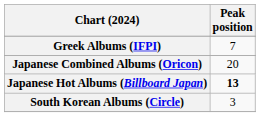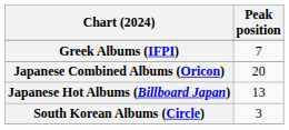 <table class="wikitable plainrowheaders sortable" style="text-align:center">
 <tr>
 <th scope="col">Chart (2024)</th>
 <th scope="col">Peak<br>position</th>
 </tr>
 <tr>
 </tr>
 <tr>
 <th scope="row">Greek Albums (<a href='#'>IFPI</a>)</th>
 <td>7</td>
 </tr>
 <tr>
 </tr>
 <tr>
 <th scope="row">Japanese Combined Albums (<a href='#'>Oricon</a>)</th>
 <td>20</td>
 </tr>
 <tr>
 <th scope="row">Japanese Hot Albums (<em><a href='#'>Billboard Japan</a></em>)</th>
-<td><strong>13</strong></td>
+<td>13</td>
 </tr>
 <tr>
 <th scope="row">South Korean Albums (<a href='#'>Circle</a>)</th>
 <td>3</td>
 </tr>
 <tr>
 </tr>
 <tr>
 </tr>
 <tr>
 </tr>
 <tr>
 </tr>
 </table>
